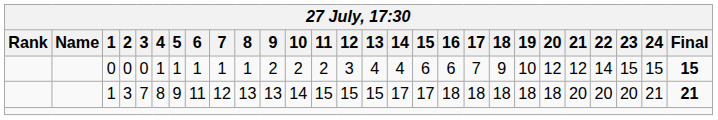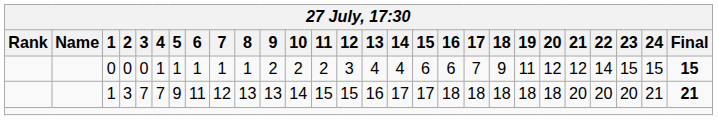 <table class=wikitable style="text-align:center; width: 55%">
 <tr>
 <th colspan=30><em>27 July, 17:30</em></th>
 </tr>
 <tr>
 <th>Rank</th>
 <th>Name</th>
 <th>1</th>
 <th>2</th>
 <th>3</th>
 <th>4</th>
 <th>5</th>
 <th>6</th>
 <th>7</th>
 <th>8</th>
 <th>9</th>
 <th>10</th>
 <th>11</th>
 <th>12</th>
 <th>13</th>
 <th>14</th>
 <th>15</th>
 <th>16</th>
 <th>17</th>
 <th>18</th>
 <th>19</th>
 <th>20</th>
 <th>21</th>
 <th>22</th>
 <th>23</th>
 <th>24</th>
 <th>Final</th>
 </tr>
 <tr>
 <td></td>
 <td align=left></td>
 <td>0</td>
 <td>0</td>
 <td>0</td>
 <td>1</td>
 <td>1</td>
 <td>1</td>
 <td>1</td>
 <td>1</td>
 <td>2</td>
 <td>2</td>
 <td>2</td>
 <td>3</td>
 <td>4</td>
 <td>4</td>
 <td>6</td>
 <td>6</td>
 <td>7</td>
 <td>9</td>
-<td>10</td>
+<td>11</td>
 <td>12</td>
 <td>12</td>
 <td>14</td>
 <td>15</td>
 <td>15</td>
 <td><strong>15</strong></td>
 </tr>
 <tr>
 <td></td>
 <td align=left><strong></strong></td>
 <td>1</td>
 <td>3</td>
 <td>7</td>
-<td>8</td>
+<td>7</td>
 <td>9</td>
 <td>11</td>
 <td>12</td>
 <td>13</td>
 <td>13</td>
 <td>14</td>
 <td>15</td>
 <td>15</td>
-<td>15</td>
+<td>16</td>
 <td>17</td>
 <td>17</td>
 <td>18</td>
 <td>18</td>
 <td>18</td>
 <td>18</td>
 <td>18</td>
 <td>20</td>
 <td>20</td>
 <td>20</td>
 <td>21</td>
 <td><strong>21</strong></td>
 </tr>
 <tr>
 <td colspan=30></td>
 </tr>
 </table>
